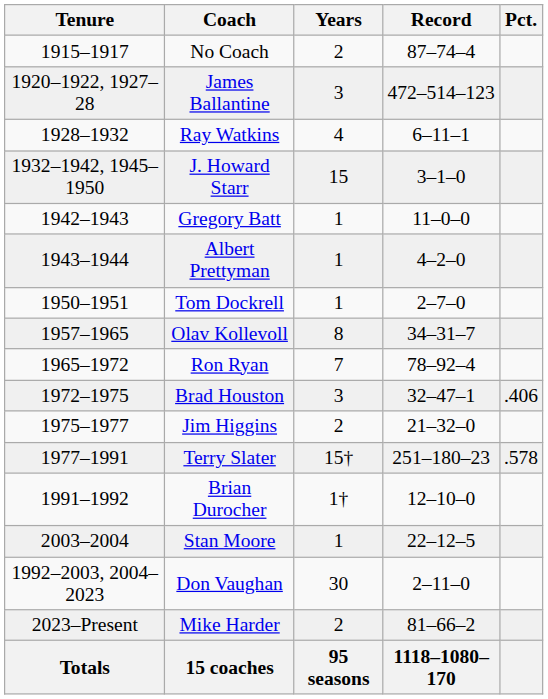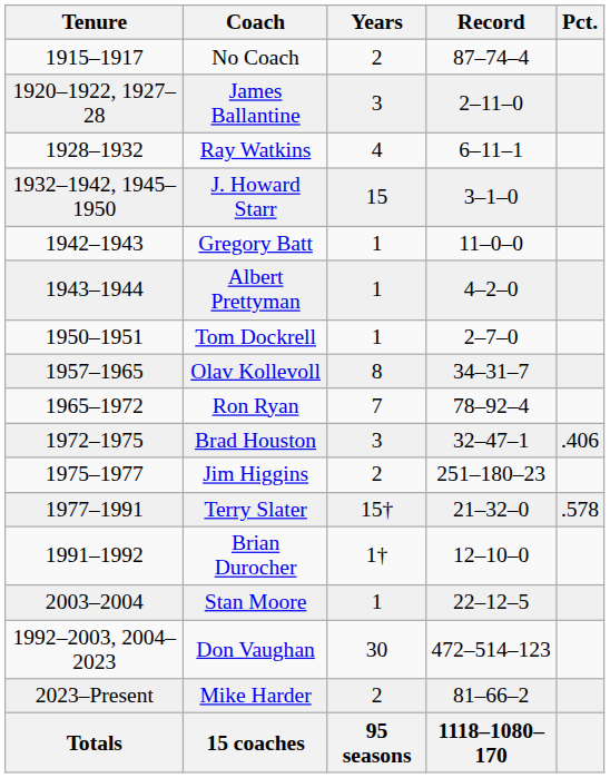 <table class="wikitable" width=50%>
 <tr>
 <th>Tenure</th>
 <th>Coach</th>
 <th>Years</th>
 <th>Record</th>
 <th>Pct.</th>
 </tr>
 <tr align="center">
 <td>1915–1917</td>
 <td>No Coach</td>
 <td>2</td>
 <td>87–74–4</td>
 <td></td>
 </tr>
 <tr align="center" bgcolor=f0f0f0>
 <td>1920–1922, 1927–28</td>
 <td><a href='#'>James Ballantine</a></td>
 <td>3</td>
-<td>472–514–123</td>
+<td>2–11–0</td>
 <td></td>
 </tr>
 <tr align="center">
 <td>1928–1932</td>
 <td><a href='#'>Ray Watkins</a></td>
 <td>4</td>
 <td>6–11–1</td>
 <td></td>
 </tr>
 <tr align="center" bgcolor=f0f0f0>
 <td>1932–1942, 1945–1950</td>
 <td><a href='#'>J. Howard Starr</a></td>
 <td>15</td>
 <td>3–1–0</td>
 <td></td>
 </tr>
 <tr align="center">
 <td>1942–1943</td>
 <td><a href='#'>Gregory Batt</a></td>
 <td>1</td>
 <td>11–0–0</td>
 <td></td>
 </tr>
 <tr align="center" bgcolor=f0f0f0>
 <td>1943–1944</td>
 <td><a href='#'>Albert Prettyman</a></td>
 <td>1</td>
 <td>4–2–0</td>
 <td></td>
 </tr>
 <tr align="center">
 <td>1950–1951</td>
 <td><a href='#'>Tom Dockrell</a></td>
 <td>1</td>
 <td>2–7–0</td>
 <td></td>
 </tr>
 <tr align="center" bgcolor=f0f0f0>
 <td>1957–1965</td>
 <td><a href='#'>Olav Kollevoll</a></td>
 <td>8</td>
 <td>34–31–7</td>
 <td></td>
 </tr>
 <tr align="center">
 <td>1965–1972</td>
 <td><a href='#'>Ron Ryan</a></td>
 <td>7</td>
 <td>78–92–4</td>
 <td></td>
 </tr>
 <tr align="center" bgcolor=f0f0f0>
 <td>1972–1975</td>
 <td><a href='#'>Brad Houston</a></td>
 <td>3</td>
 <td>32–47–1</td>
 <td>.406</td>
 </tr>
 <tr align="center">
 <td>1975–1977</td>
 <td><a href='#'>Jim Higgins</a></td>
 <td>2</td>
-<td>21–32–0</td>
+<td>251–180–23</td>
 <td></td>
 </tr>
 <tr align="center" bgcolor=f0f0f0>
 <td>1977–1991</td>
 <td><a href='#'>Terry Slater</a></td>
 <td>15†</td>
-<td>251–180–23</td>
+<td>21–32–0</td>
 <td>.578</td>
 </tr>
 <tr align=center>
 <td>1991–1992</td>
 <td><a href='#'>Brian Durocher</a></td>
 <td>1†</td>
 <td>12–10–0</td>
 <td></td>
 </tr>
 <tr align="center" bgcolor=f0f0f0>
 <td>2003–2004</td>
 <td><a href='#'>Stan Moore</a></td>
 <td>1</td>
 <td>22–12–5</td>
 <td></td>
 </tr>
 <tr align=center>
 <td>1992–2003, 2004–2023</td>
 <td><a href='#'>Don Vaughan</a></td>
 <td>30</td>
-<td>2–11–0</td>
+<td>472–514–123</td>
 <td></td>
 </tr>
 <tr align=center bgcolor=f0f0f0>
 <td>2023–Present</td>
 <td><a href='#'>Mike Harder</a></td>
 <td>2</td>
 <td>81–66–2</td>
 <td></td>
 </tr>
 <tr align="center">
 <th>Totals</th>
 <th>15 coaches</th>
 <th>95 seasons</th>
 <th>1118–1080–170</th>
 <th></th>
 </tr>
 </table>
